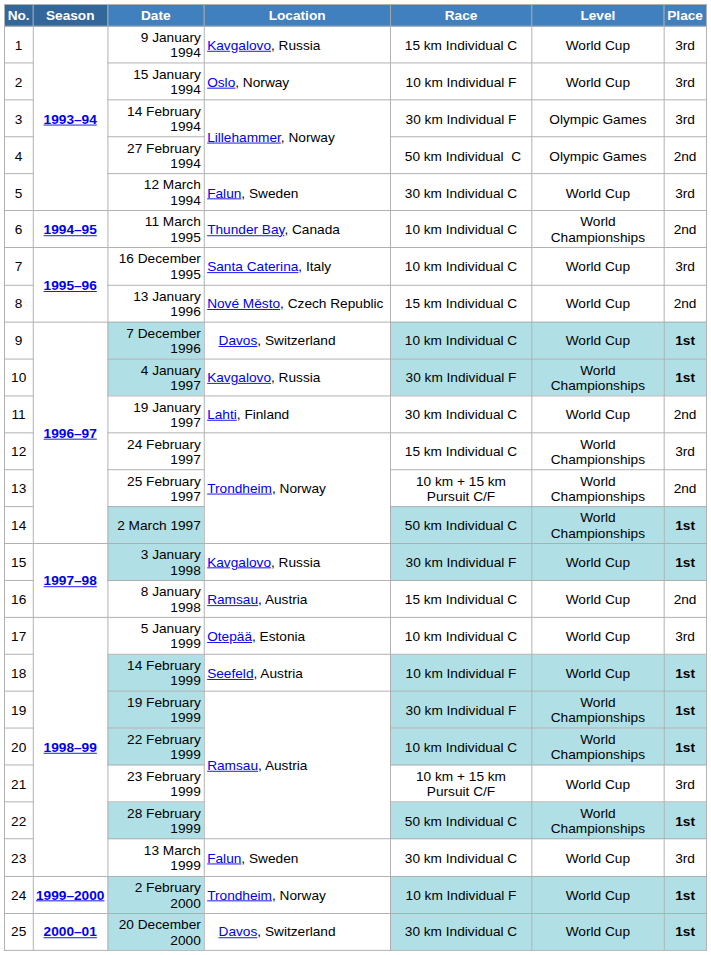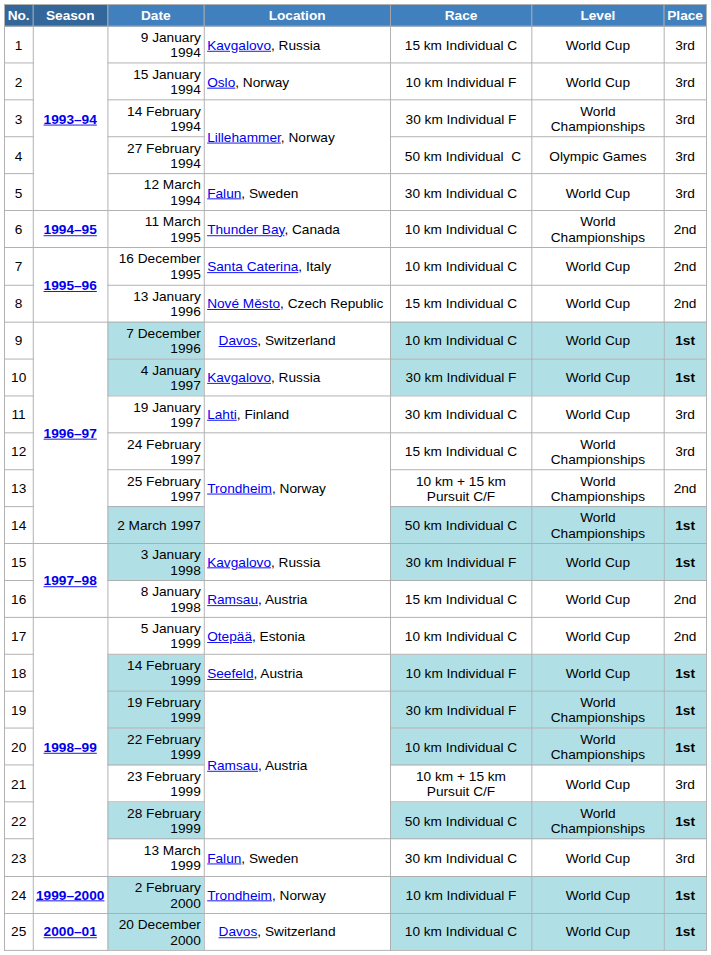 <table class="wikitable sortable" style="font-size:95%; text-align:center; border:grey solid 1px; border-collapse:collapse; background:#ffffff;">
 <tr style="background:#efefef;">
 <th style="background-color:#369; color:white;">No.</th>
 <th style="background-color:#369; color:white;">Season</th>
 <th style="background-color:#4180be; color:white; width:100px;">Date</th>
 <th style="background-color:#4180be; color:white; width:200px;">Location</th>
 <th style="background-color:#4180be; color:white; width:150px;">Race</th>
 <th style="background-color:#4180be; color:white; width:140px;">Level</th>
 <th style="background-color:#4180be; color:white;">Place</th>
 </tr>
 <tr>
 <td align=center>1</td>
 <td rowspan=5 align=center><strong><a href='#'>1993–94</a></strong></td>
 <td align=right>9 January 1994</td>
 <td align=left> <a href='#'>Kavgalovo</a>, Russia</td>
 <td>15 km Individual C</td>
 <td>World Cup</td>
 <td>3rd</td>
 </tr>
 <tr>
 <td align=center>2</td>
 <td align=right>15 January 1994</td>
 <td align=left> <a href='#'>Oslo</a>, Norway</td>
 <td>10 km Individual F</td>
 <td>World Cup</td>
 <td>3rd</td>
 </tr>
 <tr>
 <td align=center>3</td>
 <td align=right>14 February 1994</td>
 <td rowspan=2 align=left> <a href='#'>Lillehammer</a>, Norway</td>
 <td>30 km Individual F</td>
-<td>Olympic Games</td>
+<td>World Championships</td>
 <td>3rd</td>
 </tr>
 <tr>
 <td align=center>4</td>
 <td align=right>27 February 1994</td>
 <td> 50 km Individual  C</td>
 <td>Olympic Games</td>
-<td>2nd</td>
+<td>3rd</td>
 </tr>
 <tr>
 <td align=center>5</td>
 <td align=right>12 March 1994</td>
 <td align=left> <a href='#'>Falun</a>, Sweden</td>
 <td>30 km Individual C</td>
 <td>World Cup</td>
 <td>3rd</td>
 </tr>
 <tr>
 <td align=center>6</td>
 <td align=center><strong><a href='#'>1994–95</a></strong></td>
 <td align=right>11 March 1995</td>
 <td align=left> <a href='#'>Thunder Bay</a>, Canada</td>
 <td>10 km Individual C</td>
 <td>World Championships</td>
 <td>2nd</td>
 </tr>
 <tr>
 <td align=center>7</td>
 <td rowspan=2 align=center><strong><a href='#'>1995–96</a></strong></td>
 <td align=right>16 December 1995</td>
 <td align=left> <a href='#'>Santa Caterina</a>, Italy</td>
 <td>10 km Individual C</td>
 <td>World Cup</td>
-<td>3rd</td>
+<td>2nd</td>
 </tr>
 <tr>
 <td align=center>8</td>
 <td align=right>13 January 1996</td>
 <td align=left> <a href='#'>Nové Město</a>, Czech Republic</td>
 <td>15 km Individual C</td>
 <td>World Cup</td>
 <td>2nd</td>
 </tr>
 <tr>
 <td align=center>9</td>
 <td rowspan=6 align=center><strong><a href='#'>1996–97</a></strong></td>
 <td bgcolor="#BOEOE6" align=right>7 December 1996</td>
 <td align=left>   <a href='#'>Davos</a>, Switzerland</td>
 <td bgcolor="#BOEOE6">10 km Individual C</td>
 <td bgcolor="#BOEOE6">World Cup</td>
 <td bgcolor="#BOEOE6"><strong>1st</strong></td>
 </tr>
 <tr>
 <td align=center>10</td>
 <td bgcolor="#BOEOE6" align=right>4 January 1997</td>
 <td align=left> <a href='#'>Kavgalovo</a>, Russia</td>
 <td bgcolor="#BOEOE6">30 km Individual F</td>
-<td bgcolor="#BOEOE6">World Championships</td>
+<td bgcolor="#BOEOE6">World Cup</td>
 <td bgcolor="#BOEOE6"><strong>1st</strong></td>
 </tr>
 <tr>
 <td align=center>11</td>
 <td align=right>19 January 1997</td>
 <td align=left> <a href='#'>Lahti</a>, Finland</td>
 <td>30 km Individual C</td>
 <td>World Cup</td>
-<td>2nd</td>
+<td>3rd</td>
 </tr>
 <tr>
 <td align=center>12</td>
 <td align=right>24 February 1997</td>
 <td rowspan=3 align=left> <a href='#'>Trondheim</a>, Norway</td>
 <td>15 km Individual C</td>
 <td>World Championships</td>
 <td>3rd</td>
 </tr>
 <tr>
 <td align=center>13</td>
 <td align=right>25 February 1997</td>
 <td>10 km + 15 km Pursuit C/F</td>
 <td>World Championships</td>
 <td>2nd</td>
 </tr>
 <tr>
 <td align=center>14</td>
 <td bgcolor="#BOEOE6" align=right>2 March 1997</td>
 <td bgcolor="#BOEOE6">50 km Individual C</td>
 <td bgcolor="#BOEOE6">World Championships</td>
 <td bgcolor="#BOEOE6"><strong>1st</strong></td>
 </tr>
 <tr>
 <td align=center>15</td>
 <td rowspan=2 align=center><strong><a href='#'>1997–98</a></strong></td>
 <td bgcolor="#BOEOE6" align=right>3 January 1998</td>
 <td align=left> <a href='#'>Kavgalovo</a>, Russia</td>
 <td bgcolor="#BOEOE6">30 km Individual F</td>
 <td bgcolor="#BOEOE6">World Cup</td>
 <td bgcolor="#BOEOE6"><strong>1st</strong></td>
 </tr>
 <tr>
 <td align=center>16</td>
 <td align=right>8 January 1998</td>
 <td align=left> <a href='#'>Ramsau</a>, Austria</td>
 <td>15 km Individual C</td>
 <td>World Cup</td>
 <td>2nd</td>
 </tr>
 <tr>
 <td align=center>17</td>
 <td rowspan=7 align=center><strong><a href='#'>1998–99</a></strong></td>
 <td align=right>5 January 1999</td>
 <td align=left> <a href='#'>Otepää</a>, Estonia</td>
 <td>10 km Individual C</td>
 <td>World Cup</td>
-<td>3rd</td>
+<td>2nd</td>
 </tr>
 <tr>
 <td align=center>18</td>
 <td bgcolor="#BOEOE6" align=right>14 February 1999</td>
 <td align=left> <a href='#'>Seefeld</a>, Austria</td>
 <td bgcolor="#BOEOE6">10 km Individual F</td>
 <td bgcolor="#BOEOE6">World Cup</td>
 <td bgcolor="#BOEOE6"><strong>1st</strong></td>
 </tr>
 <tr>
 <td align=center>19</td>
 <td bgcolor="#BOEOE6" align=right>19 February 1999</td>
 <td rowspan=4 align=left> <a href='#'>Ramsau</a>, Austria</td>
 <td bgcolor="#BOEOE6">30 km Individual F</td>
 <td bgcolor="#BOEOE6">World Championships</td>
 <td bgcolor="#BOEOE6"><strong>1st</strong></td>
 </tr>
 <tr>
 <td align=center>20</td>
 <td bgcolor="#BOEOE6" align=right>22 February 1999</td>
 <td bgcolor="#BOEOE6">10 km Individual C</td>
 <td bgcolor="#BOEOE6">World Championships</td>
 <td bgcolor="#BOEOE6"><strong>1st</strong></td>
 </tr>
 <tr>
 <td align=center>21</td>
 <td align=right>23 February 1999</td>
 <td>10 km + 15 km Pursuit C/F</td>
 <td>World Cup</td>
 <td>3rd</td>
 </tr>
 <tr>
 <td align=center>22</td>
 <td bgcolor="#BOEOE6" align=right>28 February 1999</td>
 <td bgcolor="#BOEOE6">50 km Individual C</td>
 <td bgcolor="#BOEOE6">World Championships</td>
 <td bgcolor="#BOEOE6"><strong>1st</strong></td>
 </tr>
 <tr>
 <td align=center>23</td>
 <td align=right>13 March 1999</td>
 <td align=left> <a href='#'>Falun</a>, Sweden</td>
 <td>30 km Individual C</td>
 <td>World Cup</td>
 <td>3rd</td>
 </tr>
 <tr>
 <td align=center>24</td>
 <td align=center><strong><a href='#'>1999–2000</a></strong></td>
 <td bgcolor="#BOEOE6" align=right>2 February 2000</td>
 <td align=left> <a href='#'>Trondheim</a>, Norway</td>
 <td bgcolor="#BOEOE6">10 km Individual F</td>
 <td bgcolor="#BOEOE6">World Cup</td>
 <td bgcolor="#BOEOE6"><strong>1st</strong></td>
 </tr>
 <tr>
 <td align=center>25</td>
 <td align=center><strong><a href='#'>2000–01</a></strong></td>
 <td bgcolor="#BOEOE6" align=right>20 December 2000</td>
 <td align=left>   <a href='#'>Davos</a>, Switzerland</td>
-<td bgcolor="#BOEOE6">30 km Individual C</td>
+<td bgcolor="#BOEOE6">10 km Individual C</td>
 <td bgcolor="#BOEOE6">World Cup</td>
 <td bgcolor="#BOEOE6"><strong>1st</strong></td>
 </tr>
 </table>
